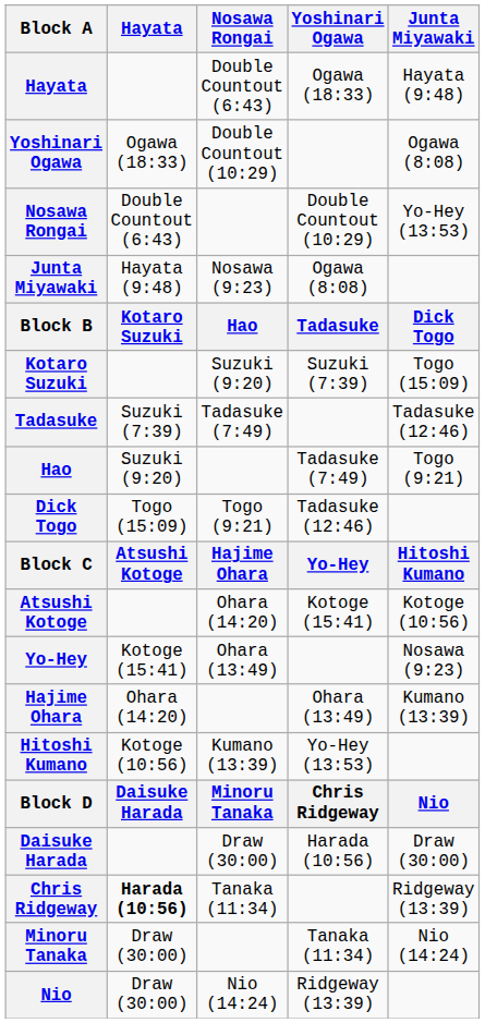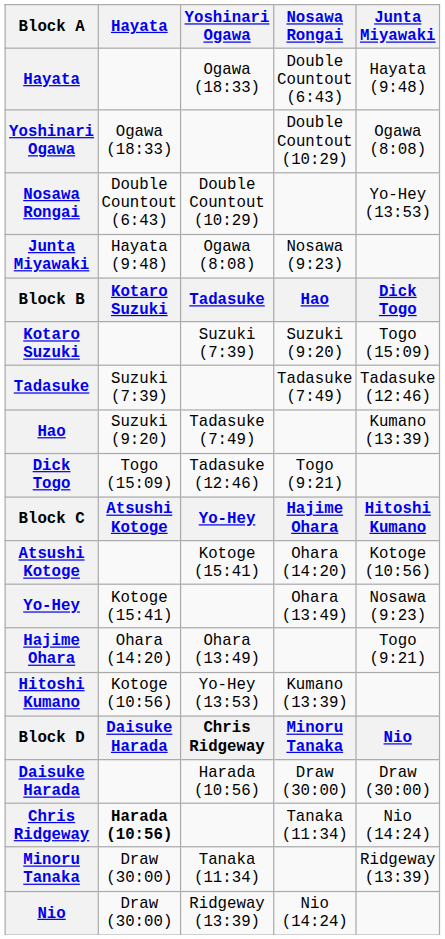 <table class="wikitable" style="margin: 1em auto 1em auto">
 <tr>
 <th>Block A</th>
 <th><a href='#'>Hayata</a></th>
+<th><a href='#'>Yoshinari<br>Ogawa</a></th>
 <th><a href='#'>Nosawa<br>Rongai</a></th>
-<th><a href='#'>Yoshinari<br>Ogawa</a></th>
 <th><a href='#'>Junta<br>Miyawaki</a></th>
 </tr>
 <tr align="center">
 <th><a href='#'>Hayata</a></th>
 <td></td>
+<td>Ogawa<br>(18:33)</td>
 <td>Double<br>Countout<br>(6:43)</td>
-<td>Ogawa<br>(18:33)</td>
 <td>Hayata<br>(9:48)</td>
 </tr>
 <tr align="center">
 <th><a href='#'>Yoshinari<br>Ogawa</a></th>
 <td>Ogawa<br>(18:33)</td>
+<td></td>
 <td>Double<br>Countout<br>(10:29)</td>
-<td></td>
 <td>Ogawa<br>(8:08)</td>
 </tr>
 <tr align="center">
 <th><a href='#'>Nosawa<br>Rongai</a></th>
 <td>Double<br>Countout<br>(6:43)</td>
+<td>Double<br>Countout<br>(10:29)</td>
 <td></td>
-<td>Double<br>Countout<br>(10:29)</td>
 <td>Yo-Hey<br>(13:53)</td>
 </tr>
 <tr align="center">
 <th><a href='#'>Junta<br>Miyawaki</a></th>
 <td>Hayata<br>(9:48)</td>
+<td>Ogawa<br>(8:08)</td>
 <td>Nosawa<br>(9:23)</td>
-<td>Ogawa<br>(8:08)</td>
 <td></td>
 </tr>
 <tr align="center">
 <th>Block B</th>
 <th><a href='#'>Kotaro<br>Suzuki</a></th>
+<th><a href='#'>Tadasuke</a></th>
 <th><a href='#'>Hao</a></th>
-<th><a href='#'>Tadasuke</a></th>
 <th><a href='#'>Dick<br>Togo</a></th>
 </tr>
 <tr align="center">
 <th><a href='#'>Kotaro<br>Suzuki</a></th>
 <td></td>
+<td>Suzuki<br>(7:39)</td>
 <td>Suzuki<br>(9:20)</td>
-<td>Suzuki<br>(7:39)</td>
 <td>Togo<br>(15:09)</td>
 </tr>
 <tr align="center">
 <th><a href='#'>Tadasuke</a></th>
 <td>Suzuki<br>(7:39)</td>
+<td></td>
 <td>Tadasuke<br>(7:49)</td>
-<td></td>
 <td>Tadasuke<br>(12:46)</td>
 </tr>
 <tr align="center">
 <th><a href='#'>Hao</a></th>
 <td>Suzuki<br>(9:20)</td>
+<td>Tadasuke<br>(7:49)</td>
 <td></td>
-<td>Tadasuke<br>(7:49)</td>
-<td>Togo<br>(9:21)</td>
+<td>Kumano<br>(13:39)</td>
 </tr>
 <tr align="center">
 <th><a href='#'>Dick<br>Togo</a></th>
 <td>Togo<br>(15:09)</td>
+<td>Tadasuke<br>(12:46)</td>
 <td>Togo<br>(9:21)</td>
-<td>Tadasuke<br>(12:46)</td>
 <td></td>
 </tr>
 <tr align="center">
 <th>Block C</th>
 <th><a href='#'>Atsushi<br>Kotoge</a></th>
+<th><a href='#'>Yo-Hey</a></th>
 <th><a href='#'>Hajime<br>Ohara</a></th>
-<th><a href='#'>Yo-Hey</a></th>
 <th><a href='#'>Hitoshi<br>Kumano</a></th>
 </tr>
 <tr align="center">
 <th><a href='#'>Atsushi<br>Kotoge</a></th>
 <td></td>
+<td>Kotoge<br>(15:41)</td>
 <td>Ohara<br>(14:20)</td>
-<td>Kotoge<br>(15:41)</td>
 <td>Kotoge<br>(10:56)</td>
 </tr>
 <tr align="center">
 <th><a href='#'>Yo-Hey</a></th>
 <td>Kotoge<br>(15:41)</td>
+<td></td>
 <td>Ohara<br>(13:49)</td>
-<td></td>
 <td>Nosawa<br>(9:23)</td>
 </tr>
 <tr align="center">
 <th><a href='#'>Hajime<br>Ohara</a></th>
 <td>Ohara<br>(14:20)</td>
+<td>Ohara<br>(13:49)</td>
 <td></td>
-<td>Ohara<br>(13:49)</td>
-<td>Kumano<br>(13:39)</td>
+<td>Togo<br>(9:21)</td>
 </tr>
 <tr align="center">
 <th><a href='#'>Hitoshi<br>Kumano</a></th>
 <td>Kotoge<br>(10:56)</td>
+<td>Yo-Hey<br>(13:53)</td>
 <td>Kumano<br>(13:39)</td>
-<td>Yo-Hey<br>(13:53)</td>
 <td></td>
 </tr>
 <tr align="center">
 <th>Block D</th>
 <th><a href='#'>Daisuke<br>Harada</a></th>
+<th>Chris<br>Ridgeway</th>
 <th><a href='#'>Minoru<br>Tanaka</a></th>
-<th>Chris<br>Ridgeway</th>
 <th><a href='#'>Nio</a></th>
 </tr>
 <tr align="center">
 <th><a href='#'>Daisuke<br>Harada</a></th>
 <td></td>
+<td>Harada<br>(10:56)</td>
 <td>Draw<br>(30:00)</td>
-<td>Harada<br>(10:56)</td>
 <td>Draw<br>(30:00)</td>
 </tr>
 <tr align="center">
 <th><a href='#'>Chris<br>Ridgeway</a></th>
 <td><strong>Harada<br>(10:56)</strong></td>
+<td></td>
+<td>Tanaka<br>(11:34)</td>
+<td>Nio<br>(14:24)</td>
+</tr>
+<tr align="center">
+<th><a href='#'>Minoru<br>Tanaka</a></th>
+<td>Draw<br>(30:00)</td>
 <td>Tanaka<br>(11:34)</td>
 <td></td>
 <td>Ridgeway<br>(13:39)</td>
 </tr>
 <tr align="center">
-<th><a href='#'>Minoru<br>Tanaka</a></th>
-<td>Draw<br>(30:00)</td>
-<td></td>
-<td>Tanaka<br>(11:34)</td>
-<td>Nio<br>(14:24)</td>
-</tr>
-<tr align="center">
 <th><a href='#'>Nio</a></th>
 <td>Draw<br>(30:00)</td>
+<td>Ridgeway<br>(13:39)</td>
 <td>Nio<br>(14:24)</td>
-<td>Ridgeway<br>(13:39)</td>
 <td></td>
 </tr>
 </table>
